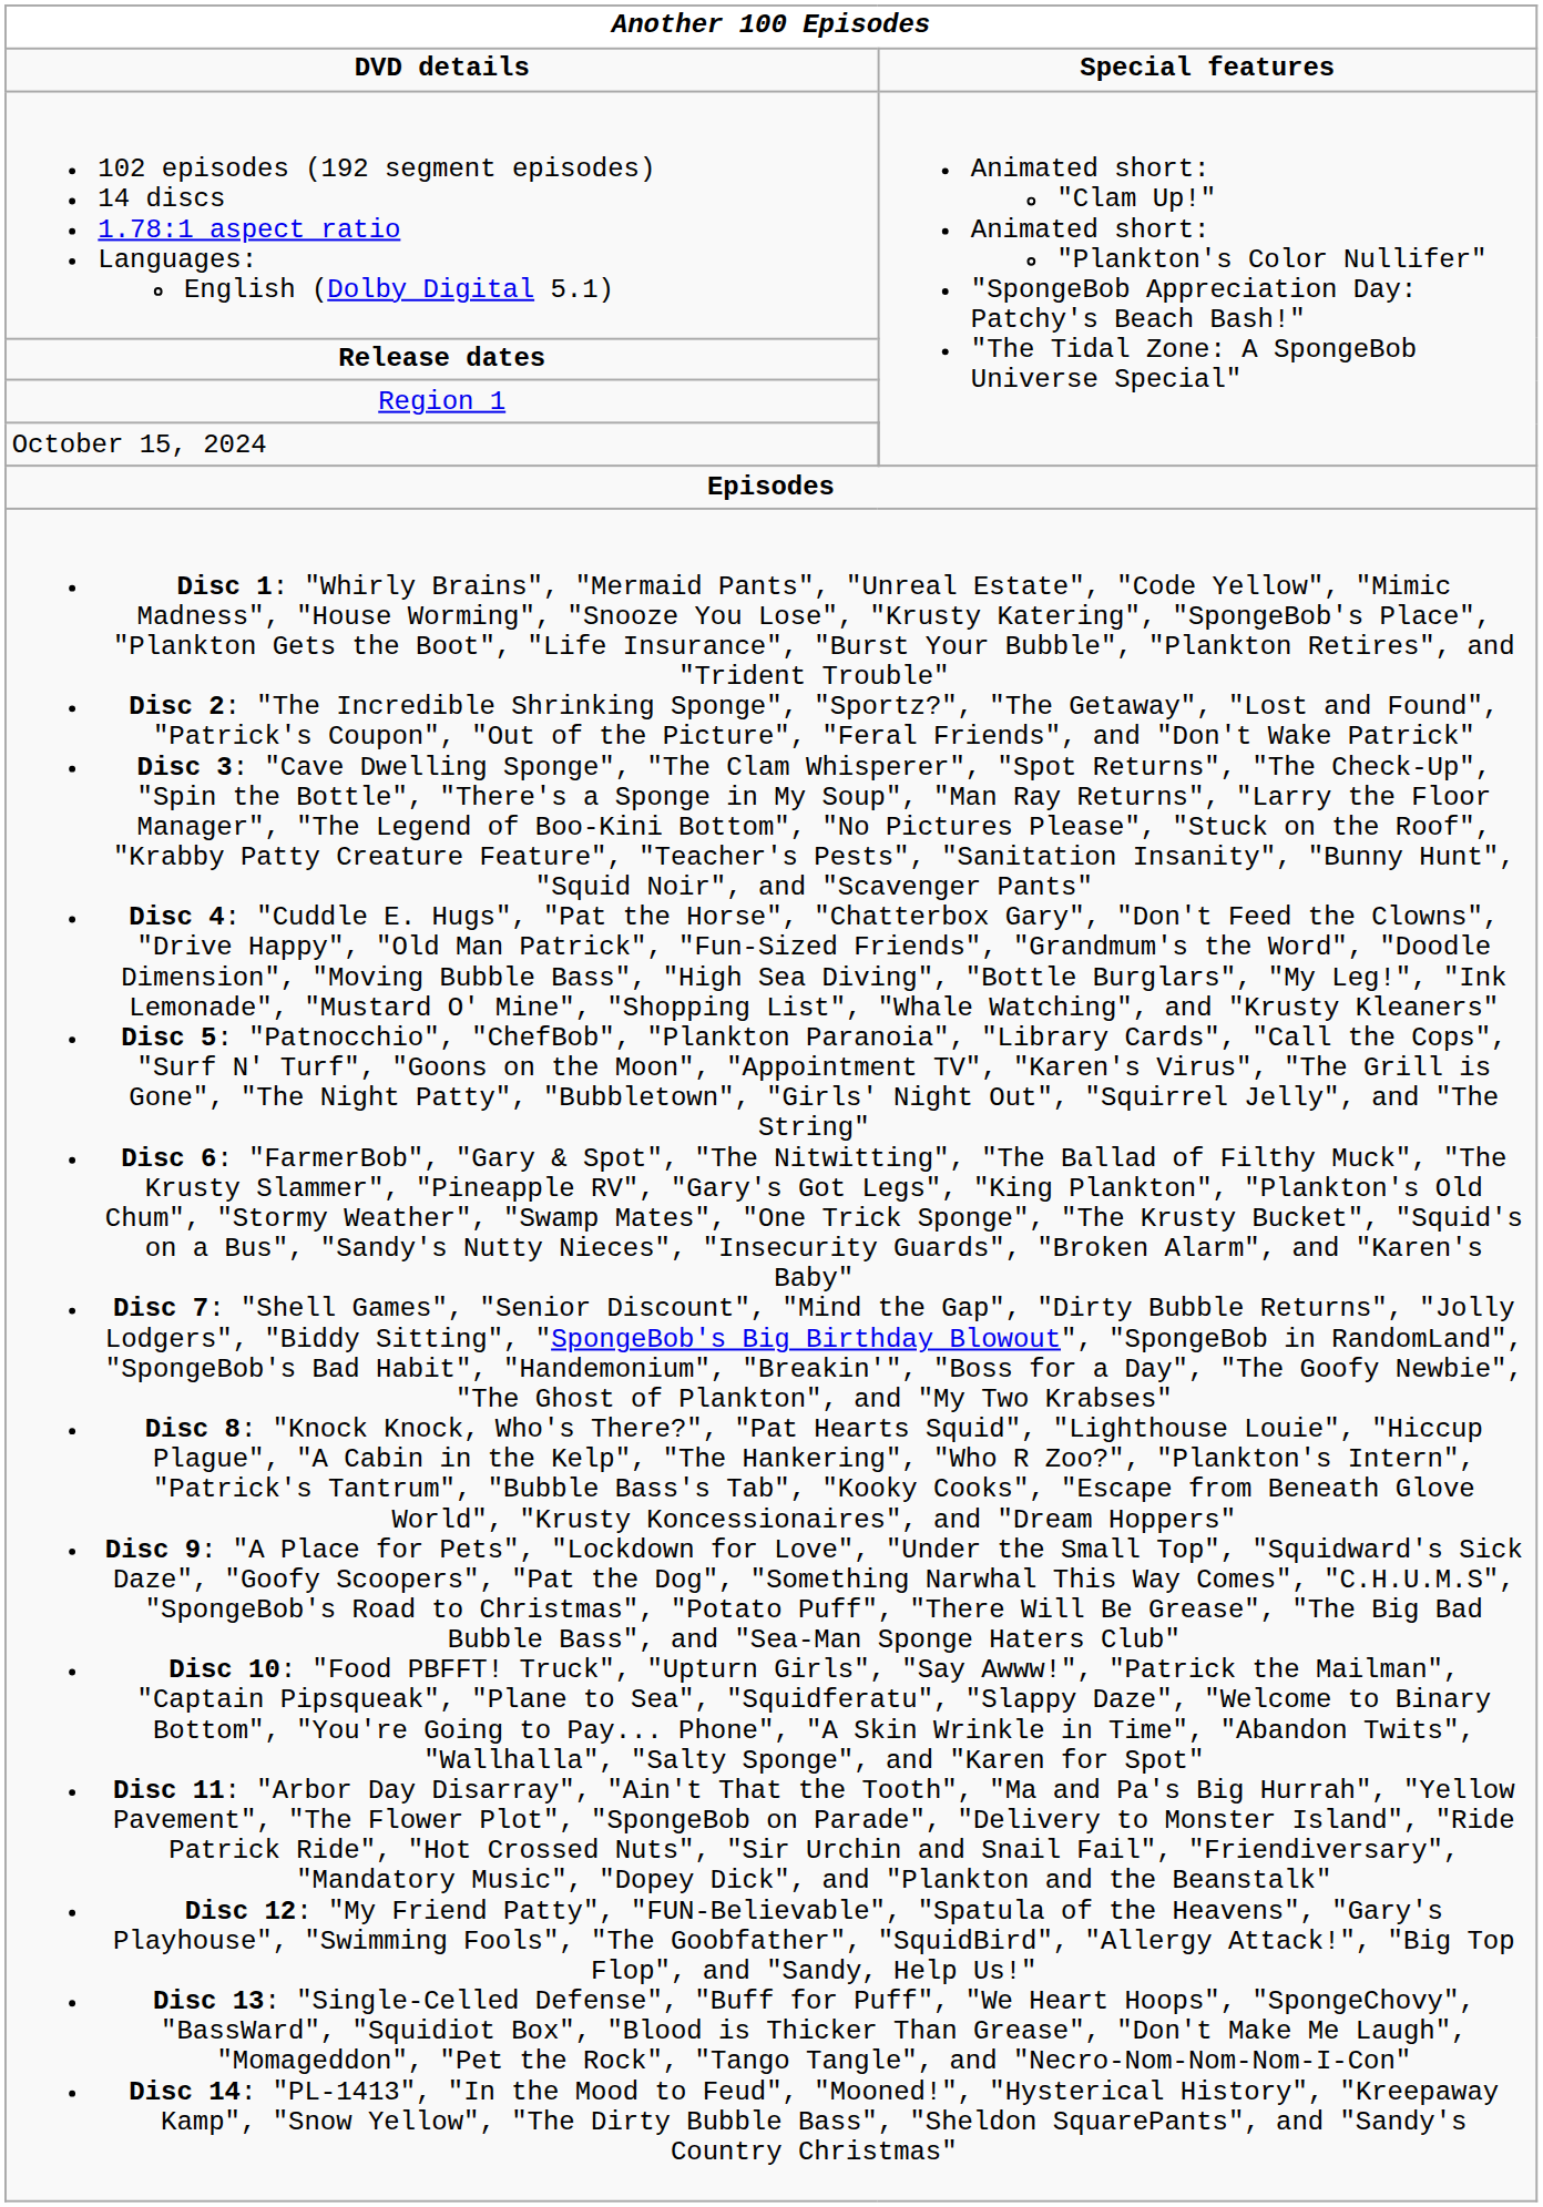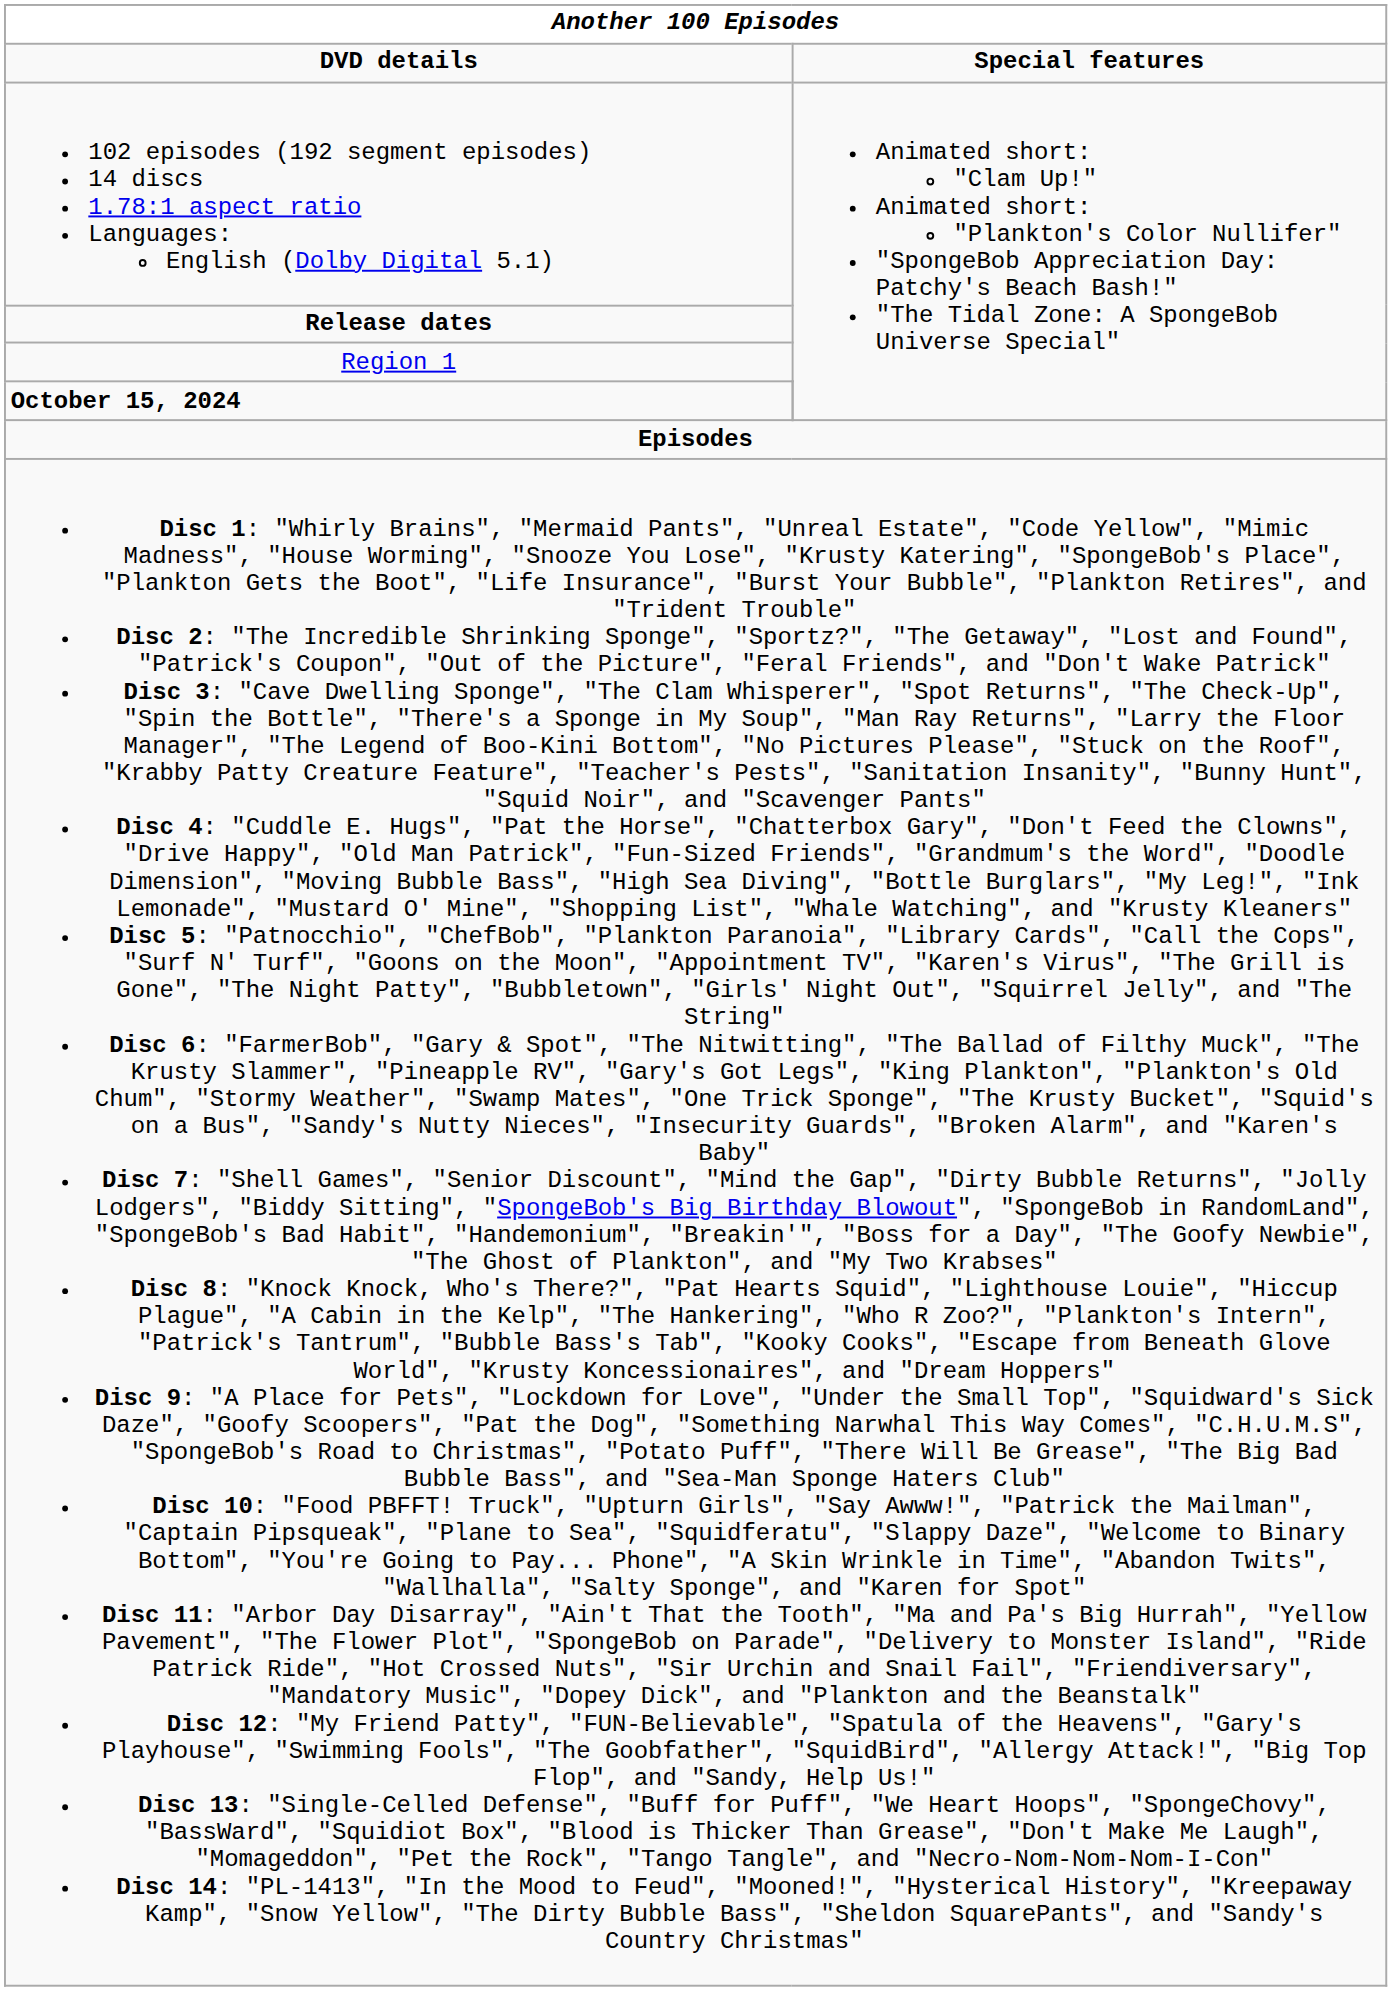 <table class="wikitable" style="font-size: 95%;">
 <tr style="background:#FFF; color:#000;">
 <td colspan="4" align="center"><strong><em>Another 100 Episodes</em></strong></td>
 </tr>
 <tr valign="top">
 <td style="text-align:center; width:400px;" colspan="3"><strong>DVD details</strong></td>
 <td style="width:300px; text-align:center;"><strong>Special features</strong></td>
 </tr>
 <tr valign="top">
 <td colspan="3" style="text-align:left; width:400px;"><br><ul><li>102 episodes (192 segment episodes)</li><li>14 discs</li><li><a href='#'>1.78:1 aspect ratio</a></li><li>Languages:<ul><li>English (<a href='#'>Dolby Digital</a> 5.1)</li></ul></li></ul></td>
 <td rowspan="4" style="text-align:left; width:300px;"><br><ul><li>Animated short:<ul><li>"Clam Up!"</li></ul></li><li>Animated short:<ul><li>"Plankton's Color Nullifer"</li></ul></li><li>"SpongeBob Appreciation Day: Patchy's Beach Bash!"</li><li>"The Tidal Zone: A SpongeBob Universe Special"</li></ul></td>
 </tr>
 <tr>
 <td colspan="3" style="text-align:center;"><strong>Release dates</strong></td>
 </tr>
 <tr>
 <td colspan="3" style="text-align:center;"><a href='#'>Region 1</a></td>
 </tr>
 <tr>
-<td>October 15, 2024</td>
+<td><strong>October 15, 2024</strong></td>
 </tr>
 <tr>
 <td style="text-align:center; width:400px;" colspan="4"><strong>Episodes</strong></td>
 </tr>
 <tr>
 <td style="text-align:center; width:400px;" colspan="4"><br><ul><li><strong>Disc 1</strong>: "Whirly Brains", "Mermaid Pants", "Unreal Estate", "Code Yellow", "Mimic Madness", "House Worming", "Snooze You Lose", "Krusty Katering", "SpongeBob's Place", "Plankton Gets the Boot", "Life Insurance", "Burst Your Bubble", "Plankton Retires", and "Trident Trouble"</li><li><strong>Disc 2</strong>: "The Incredible Shrinking Sponge", "Sportz?", "The Getaway", "Lost and Found", "Patrick's Coupon", "Out of the Picture", "Feral Friends", and "Don't Wake Patrick"</li><li><strong>Disc 3</strong>: "Cave Dwelling Sponge", "The Clam Whisperer", "Spot Returns", "The Check-Up", "Spin the Bottle", "There's a Sponge in My Soup", "Man Ray Returns", "Larry the Floor Manager", "The Legend of Boo-Kini Bottom", "No Pictures Please", "Stuck on the Roof", "Krabby Patty Creature Feature", "Teacher's Pests", "Sanitation Insanity", "Bunny Hunt", "Squid Noir", and "Scavenger Pants"</li><li><strong>Disc 4</strong>: "Cuddle E. Hugs", "Pat the Horse", "Chatterbox Gary", "Don't Feed the Clowns", "Drive Happy", "Old Man Patrick", "Fun-Sized Friends", "Grandmum's the Word", "Doodle Dimension", "Moving Bubble Bass", "High Sea Diving", "Bottle Burglars", "My Leg!", "Ink Lemonade", "Mustard O' Mine", "Shopping List", "Whale Watching", and "Krusty Kleaners"</li><li><strong>Disc 5</strong>: "Patnocchio", "ChefBob", "Plankton Paranoia", "Library Cards", "Call the Cops", "Surf N' Turf", "Goons on the Moon", "Appointment TV", "Karen's Virus", "The Grill is Gone", "The Night Patty", "Bubbletown", "Girls' Night Out", "Squirrel Jelly", and "The String"</li><li><strong>Disc 6</strong>: "FarmerBob", "Gary & Spot", "The Nitwitting", "The Ballad of Filthy Muck", "The Krusty Slammer", "Pineapple RV", "Gary's Got Legs", "King Plankton", "Plankton's Old Chum", "Stormy Weather", "Swamp Mates", "One Trick Sponge", "The Krusty Bucket", "Squid's on a Bus", "Sandy's Nutty Nieces", "Insecurity Guards", "Broken Alarm", and "Karen's Baby"</li><li><strong>Disc 7</strong>: "Shell Games", "Senior Discount", "Mind the Gap", "Dirty Bubble Returns", "Jolly Lodgers", "Biddy Sitting", "<a href='#'>SpongeBob's Big Birthday Blowout</a>", "SpongeBob in RandomLand", "SpongeBob's Bad Habit", "Handemonium", "Breakin'", "Boss for a Day", "The Goofy Newbie", "The Ghost of Plankton", and "My Two Krabses"</li><li><strong>Disc 8</strong>: "Knock Knock, Who's There?", "Pat Hearts Squid", "Lighthouse Louie", "Hiccup Plague", "A Cabin in the Kelp", "The Hankering", "Who R Zoo?", "Plankton's Intern", "Patrick's Tantrum", "Bubble Bass's Tab", "Kooky Cooks", "Escape from Beneath Glove World", "Krusty Koncessionaires", and "Dream Hoppers"</li><li><strong>Disc 9</strong>: "A Place for Pets", "Lockdown for Love", "Under the Small Top", "Squidward's Sick Daze", "Goofy Scoopers", "Pat the Dog", "Something Narwhal This Way Comes", "C.H.U.M.S", "SpongeBob's Road to Christmas", "Potato Puff", "There Will Be Grease", "The Big Bad Bubble Bass", and "Sea-Man Sponge Haters Club"</li><li><strong>Disc 10</strong>: "Food PBFFT! Truck", "Upturn Girls", "Say Awww!", "Patrick the Mailman", "Captain Pipsqueak", "Plane to Sea", "Squidferatu", "Slappy Daze", "Welcome to Binary Bottom", "You're Going to Pay... Phone", "A Skin Wrinkle in Time", "Abandon Twits", "Wallhalla", "Salty Sponge", and "Karen for Spot"</li><li><strong>Disc 11</strong>: "Arbor Day Disarray", "Ain't That the Tooth", "Ma and Pa's Big Hurrah", "Yellow Pavement", "The Flower Plot", "SpongeBob on Parade", "Delivery to Monster Island", "Ride Patrick Ride", "Hot Crossed Nuts", "Sir Urchin and Snail Fail", "Friendiversary", "Mandatory Music", "Dopey Dick", and "Plankton and the Beanstalk"</li><li><strong>Disc 12</strong>: "My Friend Patty", "FUN-Believable", "Spatula of the Heavens", "Gary's Playhouse", "Swimming Fools", "The Goobfather", "SquidBird", "Allergy Attack!", "Big Top Flop", and "Sandy, Help Us!"</li><li><strong>Disc 13</strong>: "Single-Celled Defense", "Buff for Puff", "We Heart Hoops", "SpongeChovy", "BassWard", "Squidiot Box", "Blood is Thicker Than Grease", "Don't Make Me Laugh", "Momageddon", "Pet the Rock", "Tango Tangle", and "Necro-Nom-Nom-Nom-I-Con"</li><li><strong>Disc 14</strong>: "PL-1413", "In the Mood to Feud", "Mooned!", "Hysterical History", "Kreepaway Kamp", "Snow Yellow", "The Dirty Bubble Bass", "Sheldon SquarePants", and "Sandy's Country Christmas"</li></ul></td>
 </tr>
 </table>
